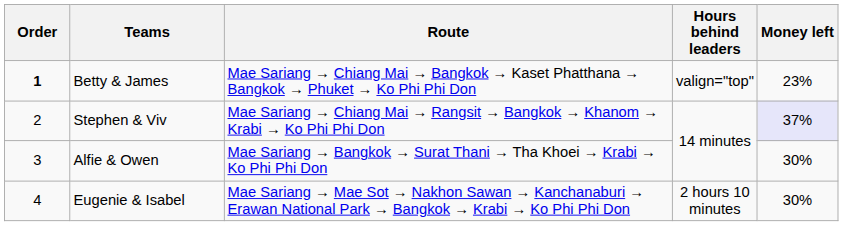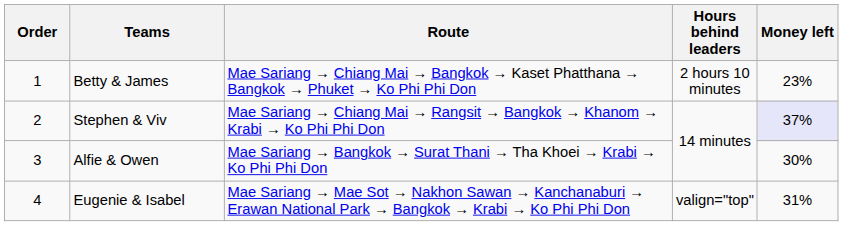 <table class="wikitable sortable" style="text-align:center">
 <tr>
 <th style="width:4em">Order</th>
 <th style="width:10em">Teams</th>
 <th style="width:30em">Route</th>
 <th style="width:5em">Hours behind leaders</th>
 <th style="width:5em">Money left</th>
 </tr>
 <tr>
-<td><strong>1</strong></td>
+<td>1</td>
 <td style="text-align:left">Betty & James</td>
 <td style="text-align:left"><a href='#'>Mae Sariang</a>  → <a href='#'>Chiang Mai</a>    → <a href='#'>Bangkok</a>  → Kaset Phatthana   → <a href='#'>Bangkok</a>  → <a href='#'>Phuket</a>  → <a href='#'>Ko Phi Phi Don</a></td>
-<td>valign="top" </td>
+<td>2 hours 10 minutes</td>
 <td>23%</td>
 </tr>
 <tr>
 <td>2</td>
 <td style="text-align:left">Stephen & Viv</td>
 <td style="text-align:left"><a href='#'>Mae Sariang</a>  → <a href='#'>Chiang Mai</a>  → <a href='#'>Rangsit</a>  → <a href='#'>Bangkok</a>  → <a href='#'>Khanom</a>   → <a href='#'>Krabi</a>  → <a href='#'>Ko Phi Phi Don</a></td>
 <td rowspan="2">14 minutes</td>
 <td style="background: lavender;">37%</td>
 </tr>
 <tr>
 <td>3</td>
 <td style="text-align:left">Alfie & Owen</td>
 <td style="text-align:left"><a href='#'>Mae Sariang</a>   → <a href='#'>Bangkok</a>   → <a href='#'>Surat Thani</a>  → Tha Khoei   → <a href='#'>Krabi</a>  → <a href='#'>Ko Phi Phi Don</a></td>
 <td>30%</td>
 </tr>
 <tr>
 <td>4</td>
 <td style="text-align:left">Eugenie & Isabel</td>
 <td style="text-align:left"><a href='#'>Mae Sariang</a>  → <a href='#'>Mae Sot</a> → <a href='#'>Nakhon Sawan</a>  →  <a href='#'>Kanchanaburi</a>  → <a href='#'>Erawan National Park</a>  → <a href='#'>Bangkok</a>  →   <a href='#'>Krabi</a>  → <a href='#'>Ko Phi Phi Don</a></td>
-<td>2 hours 10 minutes</td>
-<td>30%</td>
+<td>valign="top" </td>
+<td>31%</td>
 </tr>
 </table>
